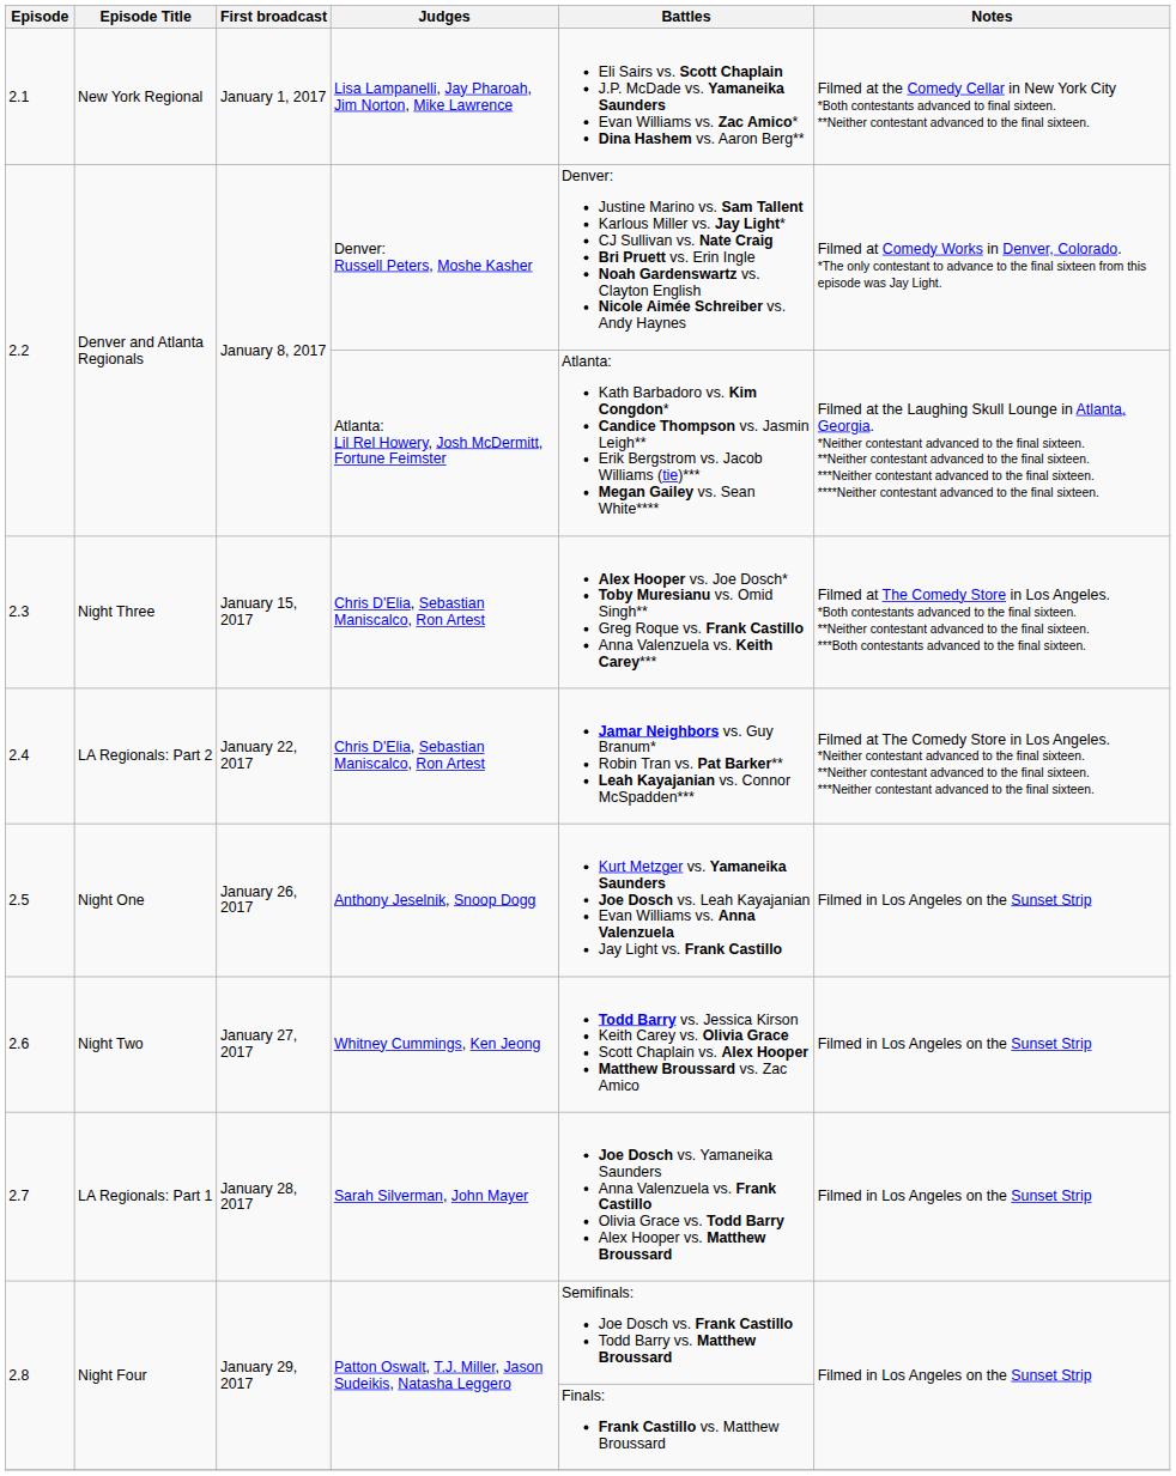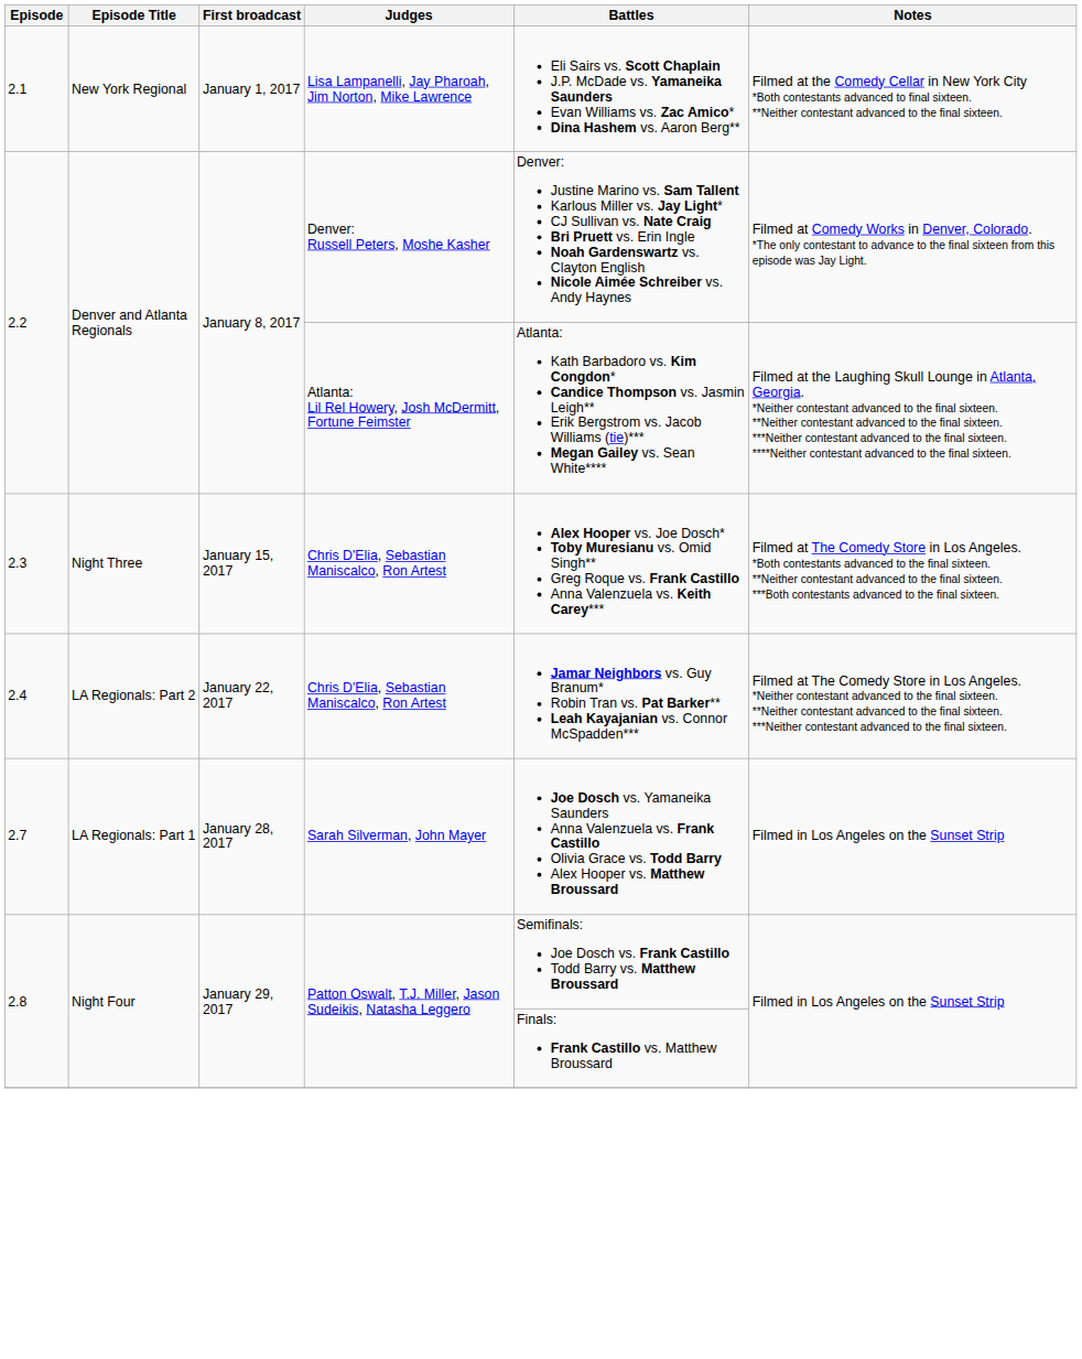 <table class="wikitable" style="width:100%;">
 <tr>
 <th style="width:2%;">Episode</th>
 <th style="width:10%;">Episode Title</th>
 <th style="width:8%;">First broadcast</th>
 <th style="width:16%;">Judges</th>
 <th style="width:18%;">Battles</th>
 <th style="width:25%;">Notes</th>
 </tr>
 <tr>
 <td>2.1</td>
 <td>New York Regional</td>
 <td>January 1, 2017</td>
 <td><a href='#'>Lisa Lampanelli</a>, <a href='#'>Jay Pharoah</a>, <a href='#'>Jim Norton</a>, <a href='#'>Mike Lawrence</a></td>
 <td><br><ul><li>Eli Sairs vs. <strong>Scott Chaplain</strong></li><li>J.P. McDade vs. <strong>Yamaneika Saunders</strong></li><li>Evan Williams vs. <strong>Zac Amico</strong>*</li><li><strong>Dina Hashem</strong> vs. Aaron Berg**</li></ul></td>
 <td><br>Filmed at the <a href='#'>Comedy Cellar</a> in New York City <br><small>*Both contestants advanced to final sixteen.</small> <br><small>**Neither contestant advanced to the final sixteen.</small></td>
 </tr>
 <tr>
 <td rowspan="2">2.2</td>
 <td rowspan="2">Denver and Atlanta Regionals</td>
 <td rowspan="2">January 8, 2017</td>
 <td>Denver:<br><a href='#'>Russell Peters</a>, <a href='#'>Moshe Kasher</a></td>
 <td>Denver:<br><ul><li>Justine Marino vs. <strong>Sam Tallent</strong></li><li>Karlous Miller vs. <strong>Jay Light</strong>*</li><li>CJ Sullivan vs. <strong>Nate Craig</strong></li><li><strong>Bri Pruett</strong> vs. Erin Ingle</li><li><strong>Noah Gardenswartz</strong> vs. Clayton English</li><li><strong>Nicole Aimée Schreiber</strong> vs. Andy Haynes</li></ul></td>
 <td><br>Filmed at <a href='#'>Comedy Works</a> in <a href='#'>Denver, Colorado</a>. <br><small>*The only contestant to advance to the final sixteen from this episode was Jay Light.</small></td>
 </tr>
 <tr>
 <td>Atlanta:<br><a href='#'>Lil Rel Howery</a>, <a href='#'>Josh McDermitt</a>, <a href='#'>Fortune Feimster</a></td>
 <td>Atlanta:<br><ul><li>Kath Barbadoro vs. <strong>Kim Congdon</strong>*</li><li><strong>Candice Thompson</strong> vs. Jasmin Leigh**</li><li>Erik Bergstrom vs. Jacob Williams (<a href='#'>tie</a>)***</li><li><strong>Megan Gailey</strong> vs. Sean White****</li></ul></td>
 <td><br>Filmed at the Laughing Skull Lounge in <a href='#'>Atlanta, Georgia</a>. <br><small>*Neither contestant advanced to the final sixteen.</small> <br><small>**Neither contestant advanced to the final sixteen.</small> <br><small>***Neither contestant advanced to the final sixteen.</small> <br><small>****Neither contestant advanced to the final sixteen.</small></td>
 </tr>
 <tr>
 <td>2.3</td>
 <td>Night Three</td>
 <td>January 15, 2017</td>
 <td><a href='#'>Chris D'Elia</a>, <a href='#'>Sebastian Maniscalco</a>, <a href='#'>Ron Artest</a></td>
 <td><br><ul><li><strong>Alex Hooper</strong> vs. Joe Dosch*</li><li><strong>Toby Muresianu</strong> vs. Omid Singh**</li><li>Greg Roque vs. <strong>Frank Castillo</strong></li><li>Anna Valenzuela vs. <strong>Keith Carey</strong>***</li></ul></td>
 <td><br>Filmed at <a href='#'>The Comedy Store</a> in Los Angeles. <br><small>*Both contestants advanced to the final sixteen.</small> <br><small>**Neither contestant advanced to the final sixteen.</small> <br><small>***Both contestants advanced to the final sixteen.</small></td>
 </tr>
 <tr>
 <td>2.4</td>
 <td>LA Regionals: Part 2</td>
 <td>January 22, 2017</td>
 <td><a href='#'>Chris D'Elia</a>, <a href='#'>Sebastian Maniscalco</a>, <a href='#'>Ron Artest</a></td>
 <td><br><ul><li><strong><a href='#'>Jamar Neighbors</a></strong> vs. Guy Branum*</li><li>Robin Tran vs. <strong>Pat Barker</strong>**</li><li><strong>Leah Kayajanian</strong> vs. Connor McSpadden***</li></ul></td>
 <td><br>Filmed at The Comedy Store in Los Angeles. <br><small>*Neither contestant advanced to the final sixteen.</small> <br><small>**Neither contestant advanced to the final sixteen.</small> <br><small>***Neither contestant advanced to the final sixteen.</small></td>
 </tr>
 <tr>
-<td>2.5</td>
-<td>Night One</td>
-<td>January 26, 2017</td>
-<td><a href='#'>Anthony Jeselnik</a>, <a href='#'>Snoop Dogg</a></td>
-<td><br><ul><li><a href='#'>Kurt Metzger</a> vs. <strong>Yamaneika Saunders</strong></li><li><strong>Joe Dosch</strong> vs. Leah Kayajanian</li><li>Evan Williams vs. <strong>Anna Valenzuela</strong></li><li>Jay Light vs. <strong>Frank Castillo</strong></li></ul></td>
-<td>Filmed in Los Angeles on the <a href='#'>Sunset Strip</a></td>
-</tr>
-<tr>
-<td>2.6</td>
-<td>Night Two</td>
-<td>January 27, 2017</td>
-<td><a href='#'>Whitney Cummings</a>, <a href='#'>Ken Jeong</a></td>
-<td><br><ul><li><strong><a href='#'>Todd Barry</a></strong> vs. Jessica Kirson</li><li>Keith Carey vs. <strong>Olivia Grace</strong></li><li>Scott Chaplain vs. <strong>Alex Hooper</strong></li><li><strong>Matthew Broussard</strong> vs. Zac Amico</li></ul></td>
-<td>Filmed in Los Angeles on the <a href='#'>Sunset Strip</a></td>
-</tr>
-<tr>
 <td>2.7</td>
 <td>LA Regionals: Part 1</td>
 <td>January 28, 2017</td>
 <td><a href='#'>Sarah Silverman</a>, <a href='#'>John Mayer</a></td>
 <td><br><ul><li><strong>Joe Dosch</strong> vs. Yamaneika Saunders</li><li>Anna Valenzuela vs. <strong>Frank Castillo</strong></li><li>Olivia Grace vs. <strong>Todd Barry</strong></li><li>Alex Hooper vs. <strong>Matthew Broussard</strong></li></ul></td>
 <td>Filmed in Los Angeles on the <a href='#'>Sunset Strip</a></td>
 </tr>
 <tr>
 <td rowspan="2">2.8</td>
 <td rowspan="2">Night Four</td>
 <td rowspan="2">January 29, 2017</td>
 <td rowspan="2"><a href='#'>Patton Oswalt</a>, <a href='#'>T.J. Miller</a>, <a href='#'>Jason Sudeikis</a>, <a href='#'>Natasha Leggero</a></td>
 <td>Semifinals:<br><ul><li>Joe Dosch vs. <strong>Frank Castillo</strong></li><li>Todd Barry vs. <strong>Matthew Broussard</strong></li></ul></td>
 <td rowspan="2">Filmed in Los Angeles on the <a href='#'>Sunset Strip</a></td>
 </tr>
 <tr>
 <td>Finals:<br><ul><li><strong>Frank Castillo</strong> vs. Matthew Broussard</li></ul></td>
 </tr>
 <tr>
 </tr>
 </table>
